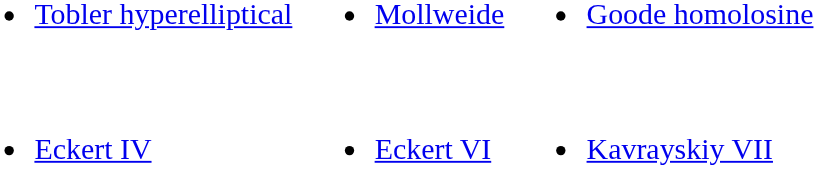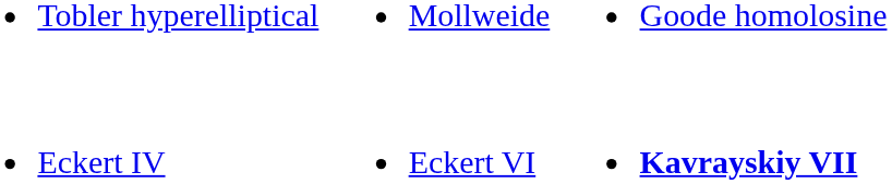 <table>
 <tr>
 <td><br><ul><li><a href='#'>Tobler hyperelliptical</a></li></ul></td>
 <td><br><ul><li><a href='#'>Mollweide</a></li></ul></td>
 <td><br><ul><li><a href='#'>Goode homolosine</a></li></ul></td>
 </tr>
 <tr>
 <td><br><ul><li><a href='#'>Eckert IV</a></li></ul></td>
 <td><br><ul><li><a href='#'>Eckert VI</a></li></ul></td>
-<td><br><ul><li><a href='#'>Kavrayskiy VII</a></li></ul></td>
+<td><strong><br><ul><li><a href='#'>Kavrayskiy VII</a></li></ul></strong></td>
 </tr>
 </table>
